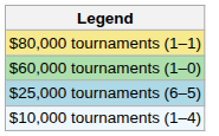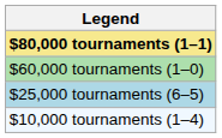 <table class="wikitable" style="font-size:85%;">
 <tr>
 <th>Legend</th>
 </tr>
 <tr style="background:#f7e98e;">
-<td>$80,000 tournaments (1–1)</td>
+<td><strong>$80,000 tournaments (1–1)</strong></td>
 </tr>
 <tr style="background:#addfad;">
 <td>$60,000 tournaments (1–0)</td>
 </tr>
 <tr style="background:lightblue;">
 <td>$25,000 tournaments (6–5)</td>
 </tr>
 <tr style="background:#f0f8ff;">
 <td>$10,000 tournaments (1–4)</td>
 </tr>
 </table>
